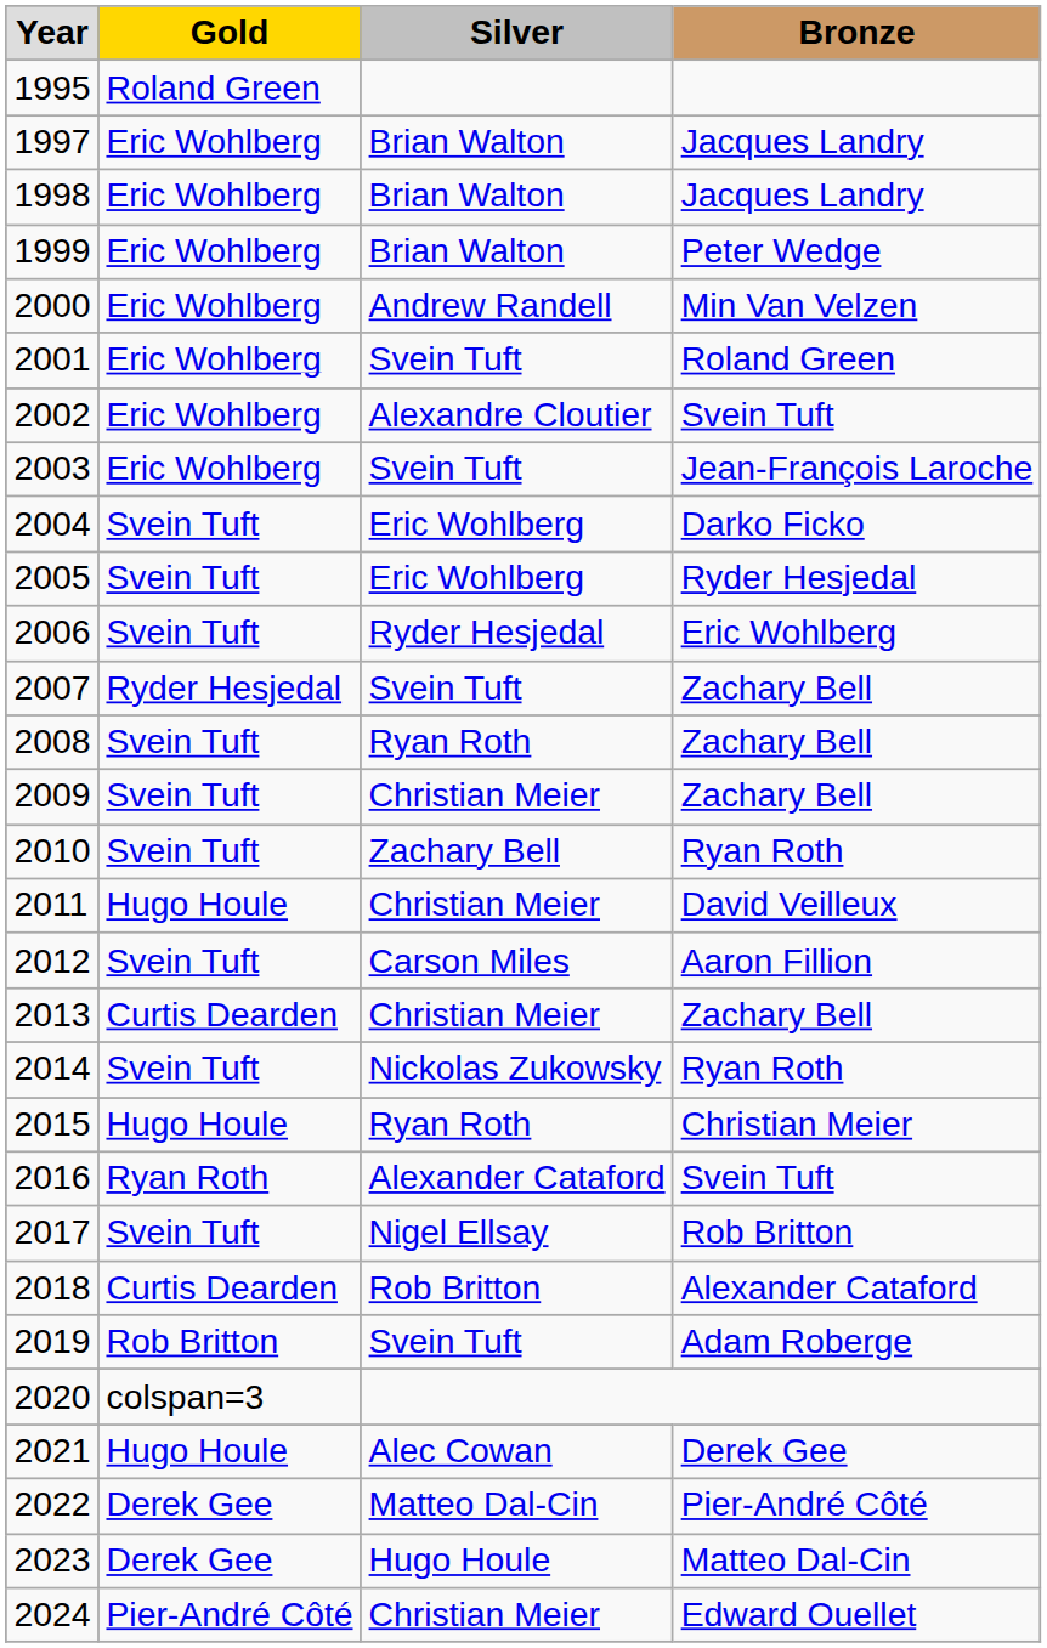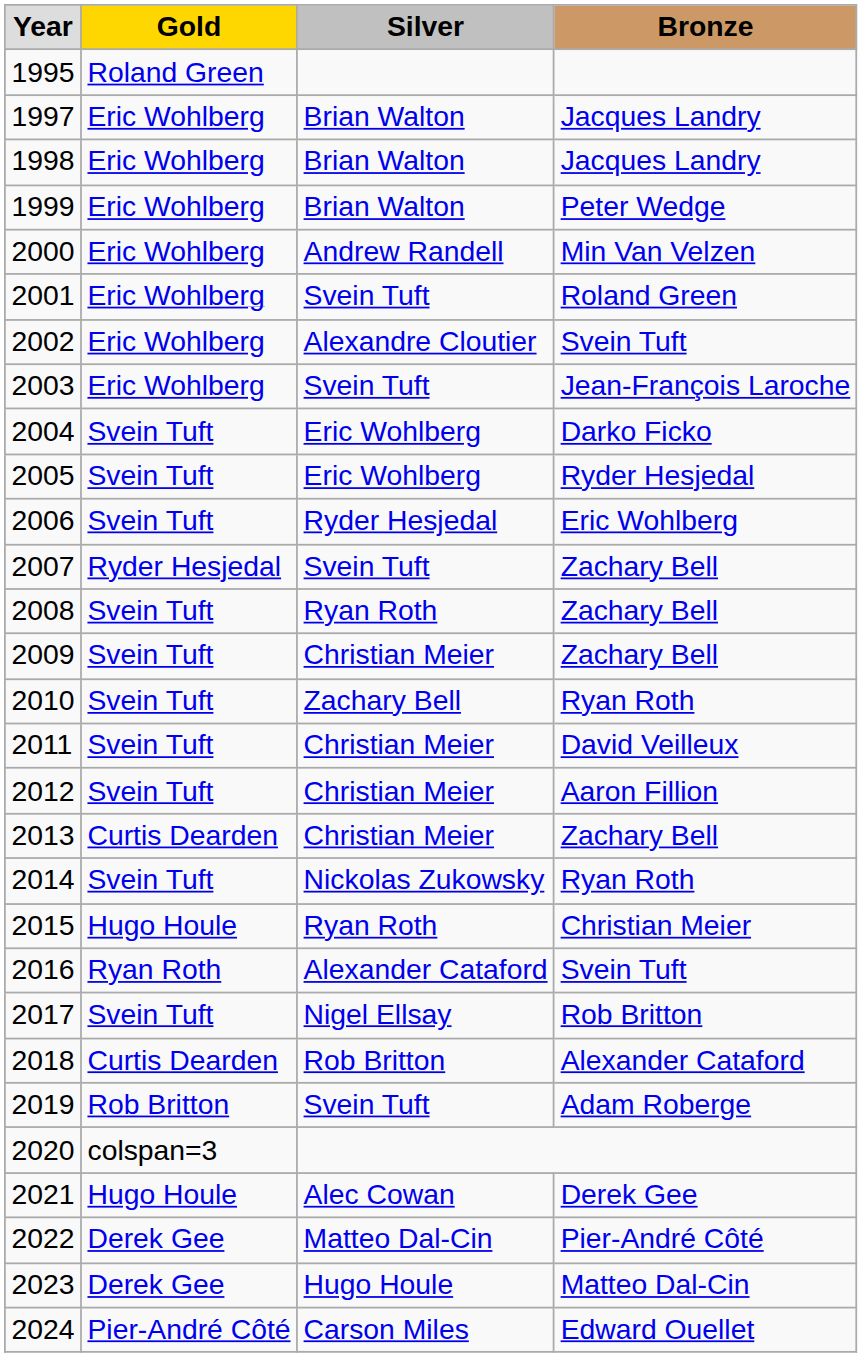 <table class="wikitable" style="text-align:left;">
 <tr>
 <td style="background:#DDDDDD; font-weight:bold; text-align:center;">Year</td>
 <td style="background:gold; font-weight:bold; text-align:center;">Gold</td>
 <td style="background:silver; font-weight:bold; text-align:center;">Silver</td>
 <td style="background:#cc9966; font-weight:bold; text-align:center;">Bronze</td>
 </tr>
 <tr>
 <td>1995</td>
 <td><a href='#'>Roland Green</a></td>
 <td></td>
 <td></td>
 </tr>
 <tr>
 <td>1997</td>
 <td><a href='#'>Eric Wohlberg</a></td>
 <td><a href='#'>Brian Walton</a></td>
 <td><a href='#'>Jacques Landry</a></td>
 </tr>
 <tr>
 <td>1998</td>
 <td><a href='#'>Eric Wohlberg</a></td>
 <td><a href='#'>Brian Walton</a></td>
 <td><a href='#'>Jacques Landry</a></td>
 </tr>
 <tr>
 <td>1999</td>
 <td><a href='#'>Eric Wohlberg</a></td>
 <td><a href='#'>Brian Walton</a></td>
 <td><a href='#'>Peter Wedge</a></td>
 </tr>
 <tr>
 <td>2000</td>
 <td><a href='#'>Eric Wohlberg</a></td>
 <td><a href='#'>Andrew Randell</a></td>
 <td><a href='#'>Min Van Velzen</a></td>
 </tr>
 <tr>
 <td>2001</td>
 <td><a href='#'>Eric Wohlberg</a></td>
 <td><a href='#'>Svein Tuft</a></td>
 <td><a href='#'>Roland Green</a></td>
 </tr>
 <tr>
 <td>2002</td>
 <td><a href='#'>Eric Wohlberg</a></td>
 <td><a href='#'>Alexandre Cloutier</a></td>
 <td><a href='#'>Svein Tuft</a></td>
 </tr>
 <tr>
 <td>2003</td>
 <td><a href='#'>Eric Wohlberg</a></td>
 <td><a href='#'>Svein Tuft</a></td>
 <td><a href='#'>Jean-François Laroche</a></td>
 </tr>
 <tr>
 <td>2004</td>
 <td><a href='#'>Svein Tuft</a></td>
 <td><a href='#'>Eric Wohlberg</a></td>
 <td><a href='#'>Darko Ficko</a></td>
 </tr>
 <tr>
 <td>2005</td>
 <td><a href='#'>Svein Tuft</a></td>
 <td><a href='#'>Eric Wohlberg</a></td>
 <td><a href='#'>Ryder Hesjedal</a></td>
 </tr>
 <tr>
 <td>2006</td>
 <td><a href='#'>Svein Tuft</a></td>
 <td><a href='#'>Ryder Hesjedal</a></td>
 <td><a href='#'>Eric Wohlberg</a></td>
 </tr>
 <tr>
 <td>2007</td>
 <td><a href='#'>Ryder Hesjedal</a></td>
 <td><a href='#'>Svein Tuft</a></td>
 <td><a href='#'>Zachary Bell</a></td>
 </tr>
 <tr>
 <td>2008</td>
 <td><a href='#'>Svein Tuft</a></td>
 <td><a href='#'>Ryan Roth</a></td>
 <td><a href='#'>Zachary Bell</a></td>
 </tr>
 <tr>
 <td>2009</td>
 <td><a href='#'>Svein Tuft</a></td>
 <td><a href='#'>Christian Meier</a></td>
 <td><a href='#'>Zachary Bell</a></td>
 </tr>
 <tr>
 <td>2010</td>
 <td><a href='#'>Svein Tuft</a></td>
 <td><a href='#'>Zachary Bell</a></td>
 <td><a href='#'>Ryan Roth</a></td>
 </tr>
 <tr>
 <td>2011</td>
-<td><a href='#'>Hugo Houle</a></td>
+<td><a href='#'>Svein Tuft</a></td>
 <td><a href='#'>Christian Meier</a></td>
 <td><a href='#'>David Veilleux</a></td>
 </tr>
 <tr>
 <td>2012</td>
 <td><a href='#'>Svein Tuft</a></td>
-<td><a href='#'>Carson Miles</a></td>
+<td><a href='#'>Christian Meier</a></td>
 <td><a href='#'>Aaron Fillion</a></td>
 </tr>
 <tr>
 <td>2013</td>
 <td><a href='#'>Curtis Dearden</a></td>
 <td><a href='#'>Christian Meier</a></td>
 <td><a href='#'>Zachary Bell</a></td>
 </tr>
 <tr>
 <td>2014</td>
 <td><a href='#'>Svein Tuft</a></td>
 <td><a href='#'>Nickolas Zukowsky</a></td>
 <td><a href='#'>Ryan Roth</a></td>
 </tr>
 <tr>
 <td>2015</td>
 <td><a href='#'>Hugo Houle</a></td>
 <td><a href='#'>Ryan Roth</a></td>
 <td><a href='#'>Christian Meier</a></td>
 </tr>
 <tr>
 <td>2016</td>
 <td><a href='#'>Ryan Roth</a></td>
 <td><a href='#'>Alexander Cataford</a></td>
 <td><a href='#'>Svein Tuft</a></td>
 </tr>
 <tr>
 <td>2017</td>
 <td><a href='#'>Svein Tuft</a></td>
 <td><a href='#'>Nigel Ellsay</a></td>
 <td><a href='#'>Rob Britton</a></td>
 </tr>
 <tr>
 <td>2018</td>
 <td><a href='#'>Curtis Dearden</a></td>
 <td><a href='#'>Rob Britton</a></td>
 <td><a href='#'>Alexander Cataford</a></td>
 </tr>
 <tr>
 <td>2019</td>
 <td><a href='#'>Rob Britton</a></td>
 <td><a href='#'>Svein Tuft</a></td>
 <td><a href='#'>Adam Roberge</a></td>
 </tr>
 <tr>
 <td>2020</td>
 <td>colspan=3 </td>
 </tr>
 <tr>
 <td>2021</td>
 <td><a href='#'>Hugo Houle</a></td>
 <td><a href='#'>Alec Cowan</a></td>
 <td><a href='#'>Derek Gee</a></td>
 </tr>
 <tr>
 <td>2022</td>
 <td><a href='#'>Derek Gee</a></td>
 <td><a href='#'>Matteo Dal-Cin</a></td>
 <td><a href='#'>Pier-André Côté</a></td>
 </tr>
 <tr>
 <td>2023</td>
 <td><a href='#'>Derek Gee</a></td>
 <td><a href='#'>Hugo Houle</a></td>
 <td><a href='#'>Matteo Dal-Cin</a></td>
 </tr>
 <tr>
 <td>2024</td>
 <td><a href='#'>Pier-André Côté</a></td>
-<td><a href='#'>Christian Meier</a></td>
+<td><a href='#'>Carson Miles</a></td>
 <td><a href='#'>Edward Ouellet</a></td>
 </tr>
 </table>
